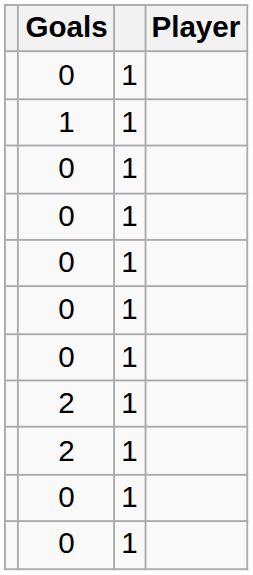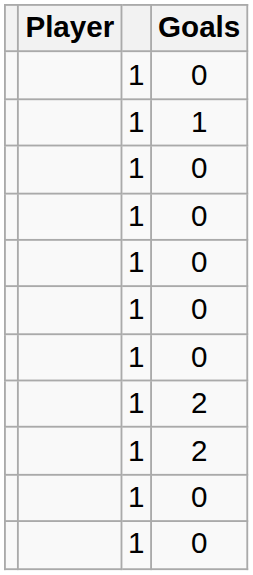 <table class="wikitable sortable" style="text-align:center;">
 <tr>
 <th></th>
+<th>Player</th>
+<th></th>
 <th>Goals</th>
-<th></th>
-<th>Player</th>
 </tr>
 <tr>
 <td></td>
+<td align="left"></td>
+<td>1</td>
 <td>0</td>
-<td>1</td>
-<td align="left"></td>
 </tr>
 <tr>
 <td></td>
+<td align="left"></td>
 <td>1</td>
 <td>1</td>
-<td align="left"></td>
 </tr>
 <tr>
 <td></td>
+<td align="left"></td>
+<td>1</td>
 <td>0</td>
-<td>1</td>
-<td align="left"></td>
 </tr>
 <tr>
 <td></td>
+<td align="left"></td>
+<td>1</td>
 <td>0</td>
-<td>1</td>
-<td align="left"></td>
 </tr>
 <tr>
 <td></td>
+<td align="left"></td>
+<td>1</td>
 <td>0</td>
-<td>1</td>
-<td align="left"></td>
 </tr>
 <tr>
 <td></td>
+<td align="left"></td>
+<td>1</td>
 <td>0</td>
-<td>1</td>
-<td align="left"></td>
 </tr>
 <tr>
 <td></td>
+<td align="left"></td>
+<td>1</td>
 <td>0</td>
-<td>1</td>
-<td align="left"></td>
 </tr>
 <tr>
 <td></td>
+<td align="left"></td>
+<td>1</td>
 <td>2</td>
-<td>1</td>
-<td align="left"></td>
 </tr>
 <tr>
 <td></td>
+<td align="left"></td>
+<td>1</td>
 <td>2</td>
-<td>1</td>
-<td align="left"></td>
 </tr>
 <tr>
 <td></td>
+<td align="left"></td>
+<td>1</td>
 <td>0</td>
-<td>1</td>
-<td align="left"></td>
 </tr>
 <tr>
 <td></td>
+<td align="left"></td>
+<td>1</td>
 <td>0</td>
-<td>1</td>
-<td align="left"></td>
 </tr>
 </table>
